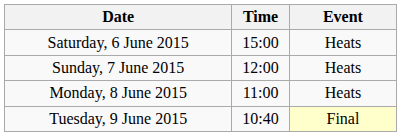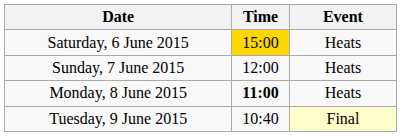 <table class = "wikitable" style="text-align:center;">
 <tr>
 <th width=220>Date</th>
 <th width=50>Time</th>
 <th width=100>Event</th>
 </tr>
 <tr>
 <td>Saturday, 6 June 2015</td>
-<td>15:00</td>
+<td style="background: gold;">15:00</td>
 <td>Heats</td>
 </tr>
 <tr>
 <td>Sunday, 7 June 2015</td>
 <td>12:00</td>
 <td>Heats</td>
 </tr>
 <tr>
 <td>Monday, 8 June 2015</td>
-<td>11:00</td>
+<td><strong>11:00</strong></td>
 <td>Heats</td>
 </tr>
 <tr>
 <td>Tuesday, 9 June 2015</td>
 <td>10:40</td>
 <td bgcolor=ffffcc>Final</td>
 </tr>
 <tr>
 </tr>
 </table>
